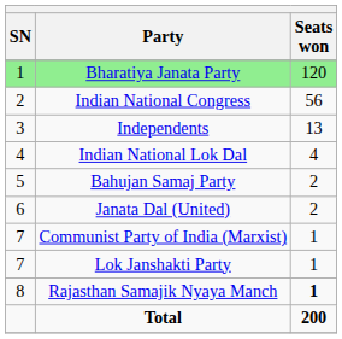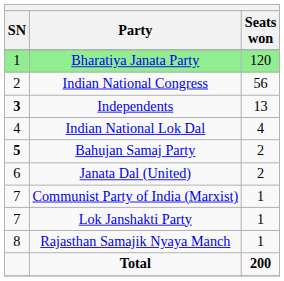 <table class="wikitable sortable" style="text-align:center;">
 <tr>
 <th colspan=10></th>
 </tr>
 <tr bgcolor="#cccccc">
 <th>SN</th>
 <th>Party</th>
 <th>Seats<br>won</th>
 </tr>
 <tr>
 </tr>
 <tr style="background: #90EE90;">
 <td>1</td>
 <td><a href='#'>Bharatiya Janata Party</a></td>
 <td>120</td>
 </tr>
 <tr>
 <td>2</td>
 <td><a href='#'>Indian National Congress</a></td>
 <td>56</td>
 </tr>
 <tr>
-<td>3</td>
+<td><strong>3</strong></td>
 <td><a href='#'>Independents</a></td>
 <td>13</td>
 </tr>
 <tr>
 <td>4</td>
 <td><a href='#'>Indian National Lok Dal</a></td>
 <td>4</td>
 </tr>
 <tr>
-<td>5</td>
+<td><strong>5</strong></td>
 <td><a href='#'>Bahujan Samaj Party</a></td>
 <td>2</td>
 </tr>
 <tr>
 <td>6</td>
 <td><a href='#'>Janata Dal (United)</a></td>
 <td>2</td>
 </tr>
 <tr>
 <td>7</td>
 <td><a href='#'>Communist Party of India (Marxist)</a></td>
 <td>1</td>
 </tr>
 <tr>
 <td>7</td>
 <td><a href='#'>Lok Janshakti Party</a></td>
 <td>1</td>
 </tr>
 <tr>
 <td>8</td>
 <td><a href='#'>Rajasthan Samajik Nyaya Manch</a></td>
-<td><strong>1</strong></td>
+<td>1</td>
 </tr>
 <tr>
 <td></td>
 <td><strong>Total</strong></td>
 <td><strong>200</strong></td>
 </tr>
 <tr>
 </tr>
 </table>
